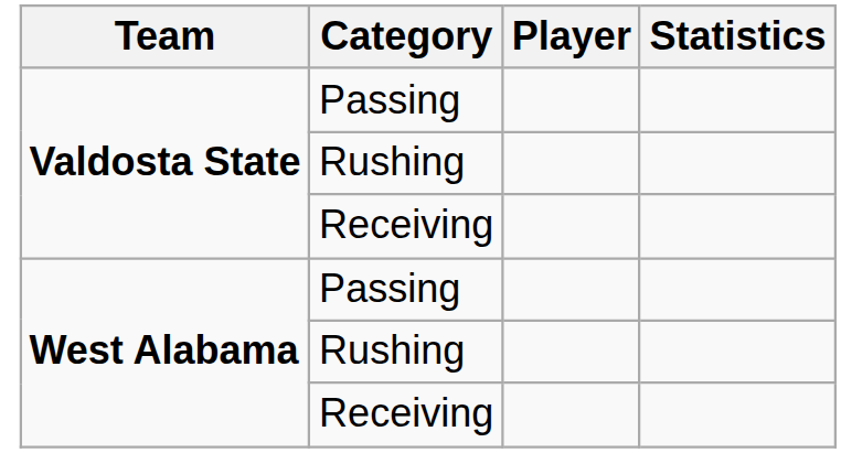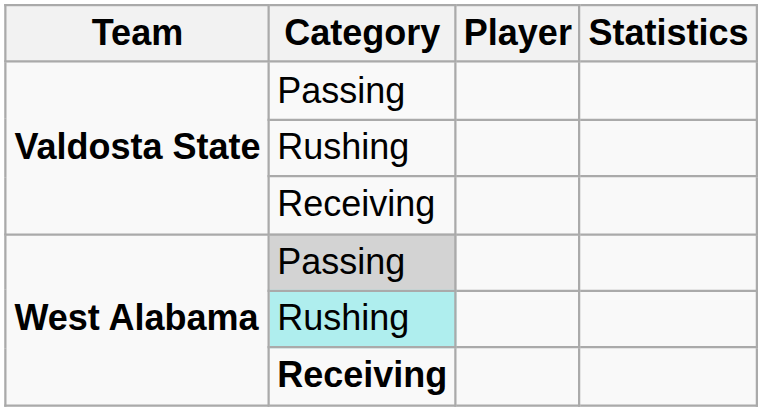 <table class="wikitable" style="float: right;">
 <tr>
 <th>Team</th>
 <th>Category</th>
 <th>Player</th>
 <th>Statistics</th>
 </tr>
 <tr>
 <td rowspan=3><strong>Valdosta State</strong></td>
 <td>Passing</td>
 <td></td>
 <td></td>
 </tr>
 <tr>
 <td>Rushing</td>
 <td></td>
 <td></td>
 </tr>
 <tr>
 <td>Receiving</td>
 <td></td>
 <td></td>
 </tr>
 <tr>
 <td rowspan=3><strong>West Alabama</strong></td>
-<td>Passing</td>
+<td style="background: lightgrey;">Passing</td>
 <td></td>
 <td></td>
 </tr>
 <tr>
-<td>Rushing</td>
+<td style="background: paleturquoise;">Rushing</td>
 <td></td>
 <td></td>
 </tr>
 <tr>
-<td>Receiving</td>
+<td><strong>Receiving</strong></td>
 <td></td>
 <td></td>
 </tr>
 </table>
